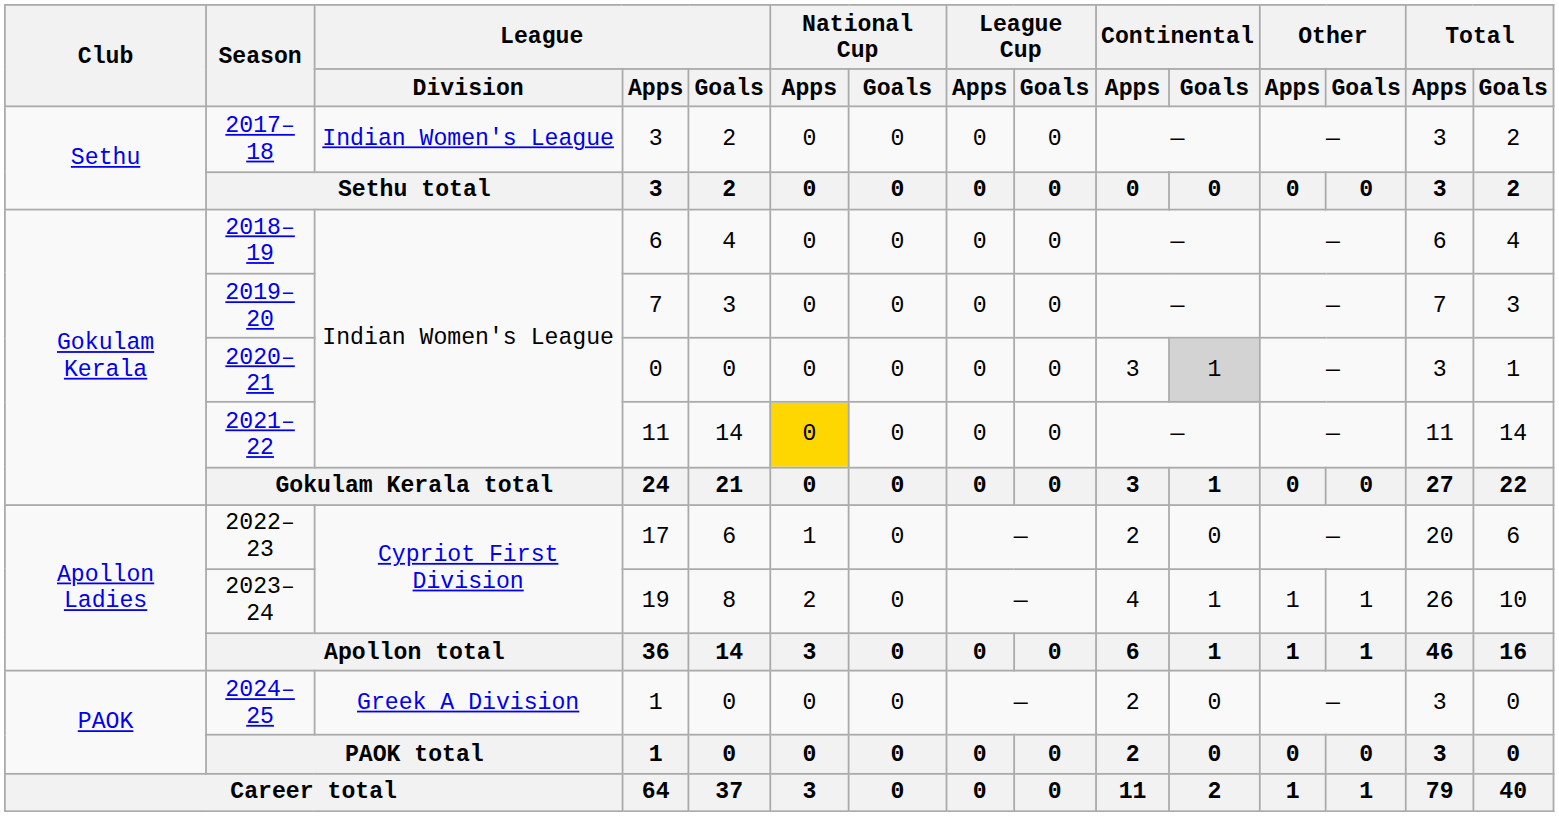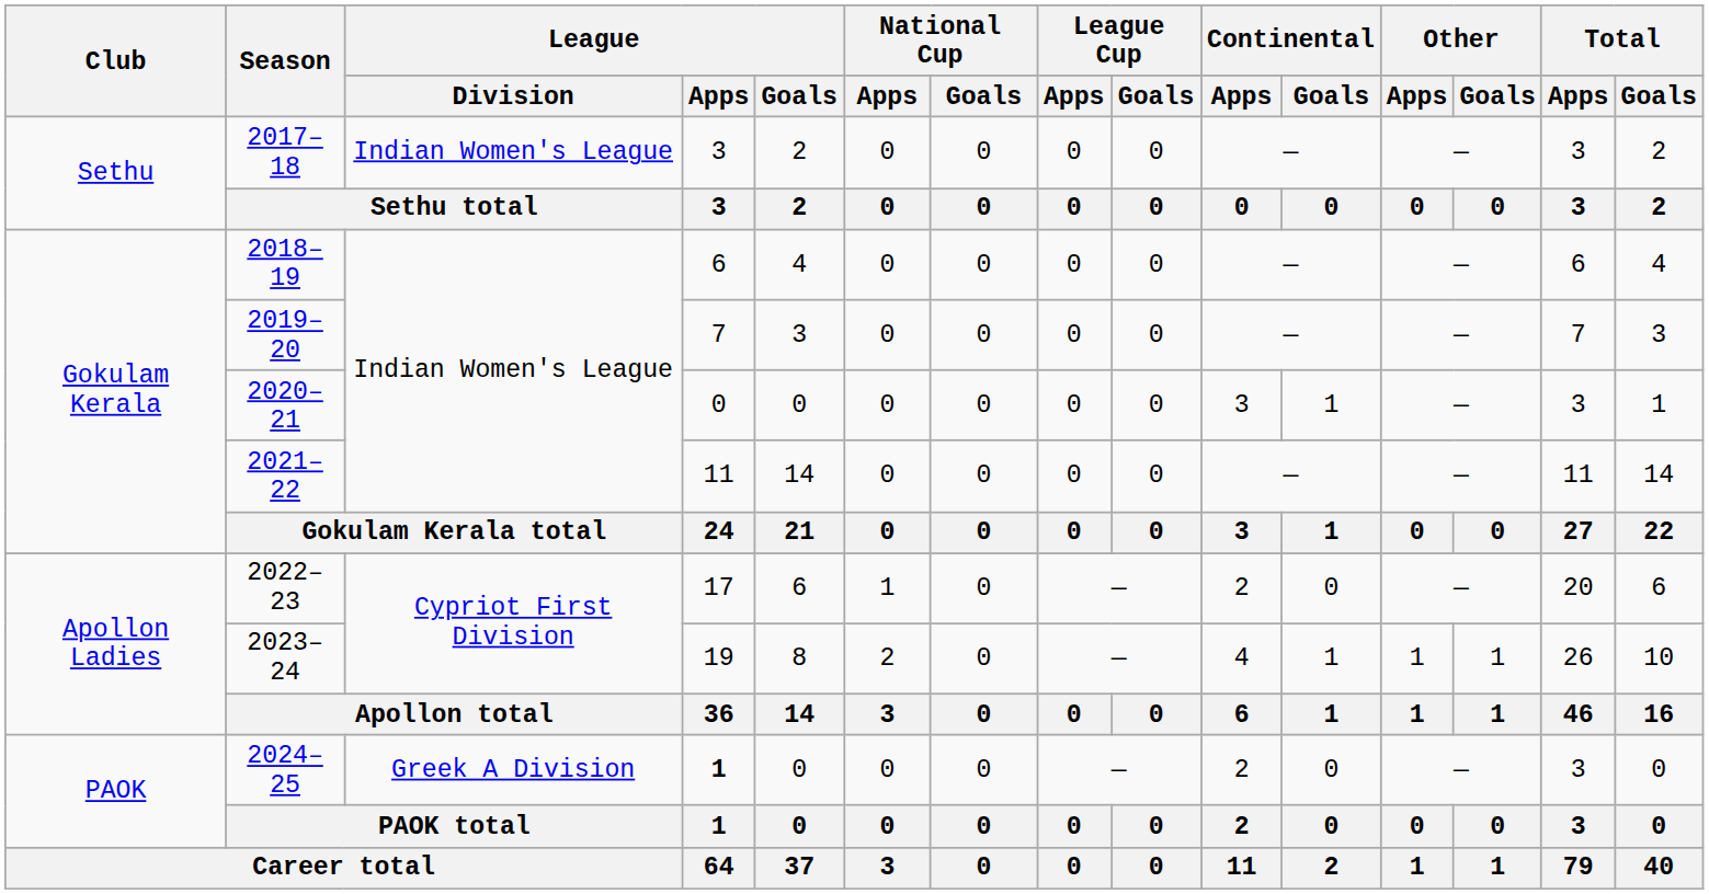 <table class="wikitable" style="text-align:center">
 <tr>
 <th rowspan="2">Club</th>
 <th rowspan="2">Season</th>
 <th colspan="3">League</th>
 <th colspan="2">National Cup</th>
 <th colspan="2">League Cup</th>
 <th colspan="2">Continental</th>
 <th colspan="2">Other</th>
 <th colspan="2">Total</th>
 </tr>
 <tr>
 <th>Division</th>
 <th>Apps</th>
 <th>Goals</th>
 <th>Apps</th>
 <th>Goals</th>
 <th>Apps</th>
 <th>Goals</th>
 <th>Apps</th>
 <th>Goals</th>
 <th>Apps</th>
 <th>Goals</th>
 <th>Apps</th>
 <th>Goals</th>
 </tr>
 <tr>
 <td rowspan="2"><a href='#'>Sethu</a></td>
 <td><a href='#'>2017–18</a></td>
 <td rowspan="1"><a href='#'>Indian Women's League</a></td>
 <td>3</td>
 <td>2</td>
 <td>0</td>
 <td>0</td>
 <td>0</td>
 <td>0</td>
 <td colspan="2">—</td>
 <td colspan="2">—</td>
 <td>3</td>
 <td>2</td>
 </tr>
 <tr>
 <th colspan="2">Sethu total</th>
 <th>3</th>
 <th>2</th>
 <th>0</th>
 <th>0</th>
 <th>0</th>
 <th>0</th>
 <th>0</th>
 <th>0</th>
 <th>0</th>
 <th>0</th>
 <th>3</th>
 <th>2</th>
 </tr>
 <tr>
 <td rowspan="5"><a href='#'>Gokulam Kerala</a></td>
 <td><a href='#'>2018–19</a></td>
 <td rowspan="4">Indian Women's League</td>
 <td>6</td>
 <td>4</td>
 <td>0</td>
 <td>0</td>
 <td>0</td>
 <td>0</td>
 <td colspan="2">—</td>
 <td colspan="2">—</td>
 <td>6</td>
 <td>4</td>
 </tr>
 <tr>
 <td><a href='#'>2019–20</a></td>
 <td>7</td>
 <td>3</td>
 <td>0</td>
 <td>0</td>
 <td>0</td>
 <td>0</td>
 <td colspan="2">—</td>
 <td colspan="2">—</td>
 <td>7</td>
 <td>3</td>
 </tr>
 <tr>
 <td><a href='#'>2020–21</a></td>
 <td>0</td>
 <td>0</td>
 <td>0</td>
 <td>0</td>
 <td>0</td>
 <td>0</td>
 <td>3</td>
-<td style="background: lightgrey;">1</td>
+<td>1</td>
 <td colspan="2">—</td>
 <td>3</td>
 <td>1</td>
 </tr>
 <tr>
 <td><a href='#'>2021–22</a></td>
 <td>11</td>
 <td>14</td>
-<td style="background: gold;">0</td>
+<td>0</td>
 <td>0</td>
 <td>0</td>
 <td>0</td>
 <td colspan="2">—</td>
 <td colspan="2">—</td>
 <td>11</td>
 <td>14</td>
 </tr>
 <tr>
 <th colspan="2">Gokulam Kerala total</th>
 <th>24</th>
 <th>21</th>
 <th>0</th>
 <th>0</th>
 <th>0</th>
 <th>0</th>
 <th>3</th>
 <th>1</th>
 <th>0</th>
 <th>0</th>
 <th>27</th>
 <th>22</th>
 </tr>
 <tr>
 <td rowspan="3"><a href='#'>Apollon Ladies</a></td>
 <td>2022–23</td>
 <td rowspan="2"><a href='#'>Cypriot First Division</a></td>
 <td>17</td>
 <td>6</td>
 <td>1</td>
 <td>0</td>
 <td colspan="2">—</td>
 <td>2</td>
 <td>0</td>
 <td colspan="2">—</td>
 <td>20</td>
 <td>6</td>
 </tr>
 <tr>
 <td>2023–24</td>
 <td>19</td>
 <td>8</td>
 <td>2</td>
 <td>0</td>
 <td colspan="2">—</td>
 <td>4</td>
 <td>1</td>
 <td>1</td>
 <td>1</td>
 <td>26</td>
 <td>10</td>
 </tr>
 <tr>
 <th colspan="2">Apollon total</th>
 <th>36</th>
 <th>14</th>
 <th>3</th>
 <th>0</th>
 <th>0</th>
 <th>0</th>
 <th>6</th>
 <th>1</th>
 <th>1</th>
 <th>1</th>
 <th>46</th>
 <th>16</th>
 </tr>
 <tr>
 <td rowspan="2"><a href='#'>PAOK</a></td>
 <td><a href='#'>2024–25</a></td>
 <td><a href='#'>Greek A Division</a></td>
-<td>1</td>
+<td><strong>1</strong></td>
 <td>0</td>
 <td>0</td>
 <td>0</td>
 <td colspan="2">—</td>
 <td>2</td>
 <td>0</td>
 <td colspan="2">—</td>
 <td>3</td>
 <td>0</td>
 </tr>
 <tr>
 <th colspan="2">PAOK total</th>
 <th>1</th>
 <th>0</th>
 <th>0</th>
 <th>0</th>
 <th>0</th>
 <th>0</th>
 <th>2</th>
 <th>0</th>
 <th>0</th>
 <th>0</th>
 <th>3</th>
 <th>0</th>
 </tr>
 <tr>
 <th colspan="3">Career total</th>
 <th>64</th>
 <th>37</th>
 <th>3</th>
 <th>0</th>
 <th>0</th>
 <th>0</th>
 <th>11</th>
 <th>2</th>
 <th>1</th>
 <th>1</th>
 <th>79</th>
 <th>40</th>
 </tr>
 </table>
